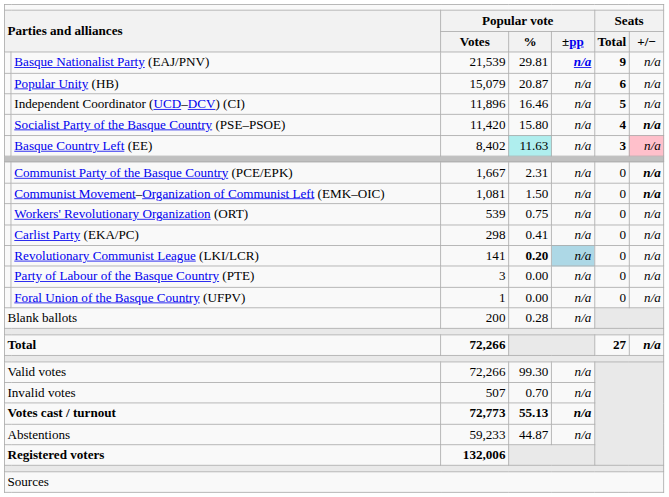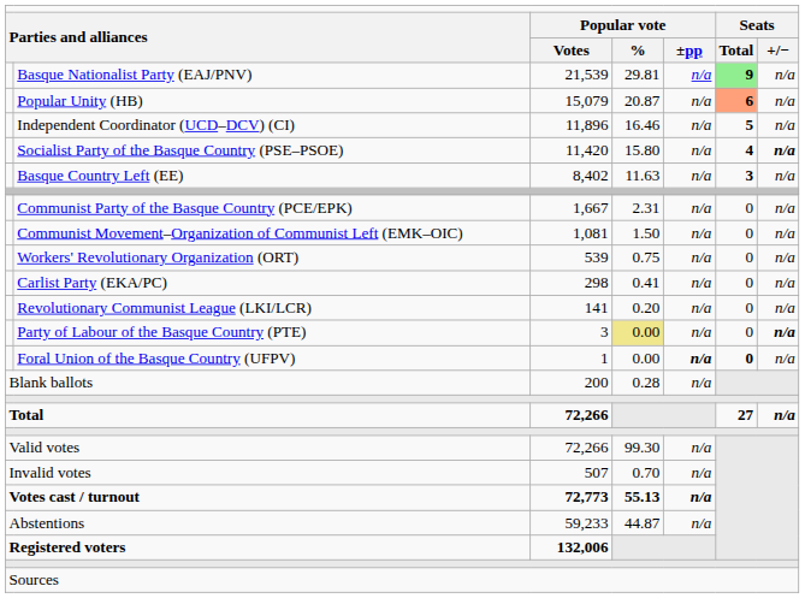 <table class="wikitable" style="text-align:right;">
 <tr>
 <td colspan="7"></td>
 </tr>
 <tr>
 <th style="text-align:left;" rowspan="2" colspan="2" width="525">Parties and alliances</th>
 <th colspan="3">Popular vote</th>
 <th colspan="2">Seats</th>
 </tr>
 <tr>
 <th width="75">Votes</th>
 <th width="45">%</th>
 <th width="45">±<a href='#'>pp</a></th>
 <th width="35">Total</th>
 <th width="35">+/−</th>
 </tr>
 <tr>
 <td width="1" style="color:inherit;background:"></td>
 <td align="left"><a href='#'>Basque Nationalist Party</a> (EAJ/PNV)</td>
 <td>21,539</td>
 <td>29.81</td>
-<td><strong><em><a href='#'>n/a</a></em></strong></td>
-<td><strong>9</strong></td>
+<td><em><a href='#'>n/a</a></em></td>
+<td style="background: lightgreen;"><strong>9</strong></td>
 <td><em>n/a</em></td>
 </tr>
 <tr>
 <td style="color:inherit;background:"></td>
 <td align="left"><a href='#'>Popular Unity</a> (HB)</td>
 <td>15,079</td>
 <td>20.87</td>
 <td><em>n/a</em></td>
-<td><strong>6</strong></td>
+<td style="background: lightsalmon;"><strong>6</strong></td>
 <td><em>n/a</em></td>
 </tr>
 <tr>
 <td style="color:inherit;background:"></td>
 <td align="left">Independent Coordinator (<a href='#'>UCD</a>–<a href='#'>DCV</a>) (CI)</td>
 <td>11,896</td>
 <td>16.46</td>
 <td><em>n/a</em></td>
 <td><strong>5</strong></td>
 <td><em>n/a</em></td>
 </tr>
 <tr>
 <td style="color:inherit;background:"></td>
 <td align="left"><a href='#'>Socialist Party of the Basque Country</a> (PSE–PSOE)</td>
 <td>11,420</td>
 <td>15.80</td>
 <td><em>n/a</em></td>
 <td><strong>4</strong></td>
 <td><strong><em>n/a</em></strong></td>
 </tr>
 <tr>
 <td style="color:inherit;background:"></td>
 <td align="left"><a href='#'>Basque Country Left</a> (EE)</td>
 <td>8,402</td>
-<td style="background: paleturquoise;">11.63</td>
+<td>11.63</td>
 <td><em>n/a</em></td>
 <td><strong>3</strong></td>
-<td style="background: pink;"><em>n/a</em></td>
+<td><em>n/a</em></td>
 </tr>
 <tr>
 <td colspan="7" bgcolor="#C0C0C0"></td>
 </tr>
 <tr>
 <td style="color:inherit;background:"></td>
 <td align="left"><a href='#'>Communist Party of the Basque Country</a> (PCE/EPK)</td>
 <td>1,667</td>
 <td>2.31</td>
 <td><em>n/a</em></td>
 <td>0</td>
-<td><strong><em>n/a</em></strong></td>
+<td><em>n/a</em></td>
 </tr>
 <tr>
 <td style="color:inherit;background:"></td>
 <td align="left"><a href='#'>Communist Movement</a>–<a href='#'>Organization of Communist Left</a> (EMK–OIC)</td>
 <td>1,081</td>
 <td>1.50</td>
 <td><em>n/a</em></td>
 <td>0</td>
-<td><strong><em>n/a</em></strong></td>
+<td><em>n/a</em></td>
 </tr>
 <tr>
 <td style="color:inherit;background:"></td>
 <td align="left"><a href='#'>Workers' Revolutionary Organization</a> (ORT)</td>
 <td>539</td>
 <td>0.75</td>
 <td><em>n/a</em></td>
 <td>0</td>
 <td><em>n/a</em></td>
 </tr>
 <tr>
 <td style="color:inherit;background:"></td>
 <td align="left"><a href='#'>Carlist Party</a> (EKA/PC)</td>
 <td>298</td>
 <td>0.41</td>
 <td><em>n/a</em></td>
 <td>0</td>
 <td><em>n/a</em></td>
 </tr>
 <tr>
 <td style="color:inherit;background:"></td>
 <td align="left"><a href='#'>Revolutionary Communist League</a> (LKI/LCR)</td>
 <td>141</td>
-<td><strong>0.20</strong></td>
-<td style="background: lightblue;"><em>n/a</em></td>
+<td>0.20</td>
+<td><em>n/a</em></td>
 <td>0</td>
 <td><em>n/a</em></td>
 </tr>
 <tr>
 <td style="color:inherit;background:"></td>
 <td align="left"><a href='#'>Party of Labour of the Basque Country</a> (PTE)</td>
 <td>3</td>
-<td>0.00</td>
+<td style="background: khaki;">0.00</td>
 <td><em>n/a</em></td>
 <td>0</td>
-<td><em>n/a</em></td>
+<td><strong><em>n/a</em></strong></td>
 </tr>
 <tr>
 <td style="color:inherit;background:"></td>
 <td align="left"><a href='#'>Foral Union of the Basque Country</a> (UFPV)</td>
 <td>1</td>
 <td>0.00</td>
-<td><em>n/a</em></td>
-<td>0</td>
+<td><strong><em>n/a</em></strong></td>
+<td><strong>0</strong></td>
 <td><em>n/a</em></td>
 </tr>
 <tr>
 <td align="left" colspan="2">Blank ballots</td>
 <td>200</td>
 <td>0.28</td>
 <td><em>n/a</em></td>
 <td bgcolor="#E9E9E9" colspan="2"></td>
 </tr>
 <tr>
 <td colspan="7" bgcolor="#E9E9E9"></td>
 </tr>
 <tr style="font-weight:bold;">
 <td align="left" colspan="2">Total</td>
 <td>72,266</td>
 <td bgcolor="#E9E9E9" colspan="2"></td>
 <td>27</td>
 <td><em>n/a</em></td>
 </tr>
 <tr>
 <td colspan="7" bgcolor="#E9E9E9"></td>
 </tr>
 <tr>
 <td align="left" colspan="2">Valid votes</td>
 <td>72,266</td>
 <td>99.30</td>
 <td><em>n/a</em></td>
 <td bgcolor="#E9E9E9" colspan="2" rowspan="5"></td>
 </tr>
 <tr>
 <td align="left" colspan="2">Invalid votes</td>
 <td>507</td>
 <td>0.70</td>
 <td><em>n/a</em></td>
 </tr>
 <tr style="font-weight:bold;">
 <td align="left" colspan="2">Votes cast / turnout</td>
 <td>72,773</td>
 <td>55.13</td>
 <td><em>n/a</em></td>
 </tr>
 <tr>
 <td align="left" colspan="2">Abstentions</td>
 <td>59,233</td>
 <td>44.87</td>
 <td><em>n/a</em></td>
 </tr>
 <tr style="font-weight:bold;">
 <td align="left" colspan="2">Registered voters</td>
 <td>132,006</td>
 <td bgcolor="#E9E9E9" colspan="2"></td>
 </tr>
 <tr>
 <td colspan="7" bgcolor="#E9E9E9"></td>
 </tr>
 <tr>
 <td align="left" colspan="7">Sources</td>
 </tr>
 </table>
